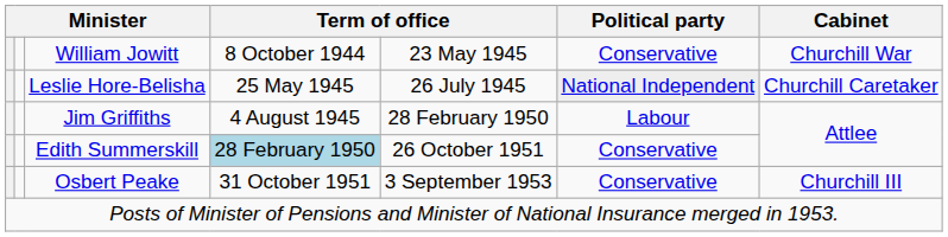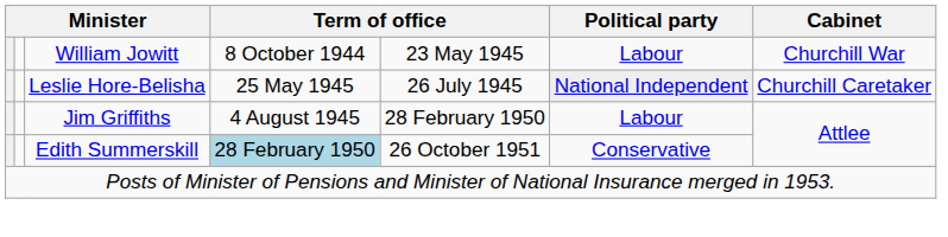 <table class="wikitable" style="text-align:center">
 <tr style="height:1em">
 <th colspan="3">Minister</th>
 <th colspan="2">Term of office</th>
 <th>Political party</th>
 <th>Cabinet</th>
 </tr>
 <tr style="height:1em">
 <th style="background-color:"></th>
 <td></td>
 <td><a href='#'>William Jowitt</a></td>
 <td>8 October 1944</td>
 <td>23 May 1945</td>
-<td><a href='#'>Conservative</a></td>
+<td><a href='#'>Labour</a></td>
 <td><a href='#'>Churchill War</a></td>
 </tr>
 <tr style="height:1em">
 <th style="background-color:"></th>
 <td></td>
 <td><a href='#'>Leslie Hore-Belisha</a></td>
 <td>25 May 1945</td>
 <td>26 July 1945</td>
 <td style="background-color:#eeeeee"><a href='#'>National Independent</a></td>
 <td><a href='#'>Churchill Caretaker</a></td>
 </tr>
 <tr style="height:1em">
 <th style="background-color:"></th>
 <td></td>
 <td><a href='#'>Jim Griffiths</a></td>
 <td>4 August 1945</td>
 <td>28 February 1950</td>
 <td><a href='#'>Labour</a></td>
 <td rowspan="2" ><a href='#'>Attlee</a></td>
 </tr>
 <tr style="height:1em">
 <th style="background-color:"></th>
 <td></td>
 <td><a href='#'>Edith Summerskill</a></td>
 <td style="background: lightblue;">28 February 1950</td>
 <td>26 October 1951</td>
 <td><a href='#'>Conservative</a></td>
 </tr>
-<tr style="height:1em">
-<th style="background-color:"></th>
-<td></td>
-<td><a href='#'>Osbert Peake</a></td>
-<td>31 October 1951</td>
-<td>3 September 1953</td>
-<td><a href='#'>Conservative</a></td>
-<td><a href='#'>Churchill III</a></td>
-</tr>
 <tr>
 <td colspan="7"><em>Posts of Minister of Pensions and Minister of National Insurance merged in 1953.</em></td>
 </tr>
 </table>
